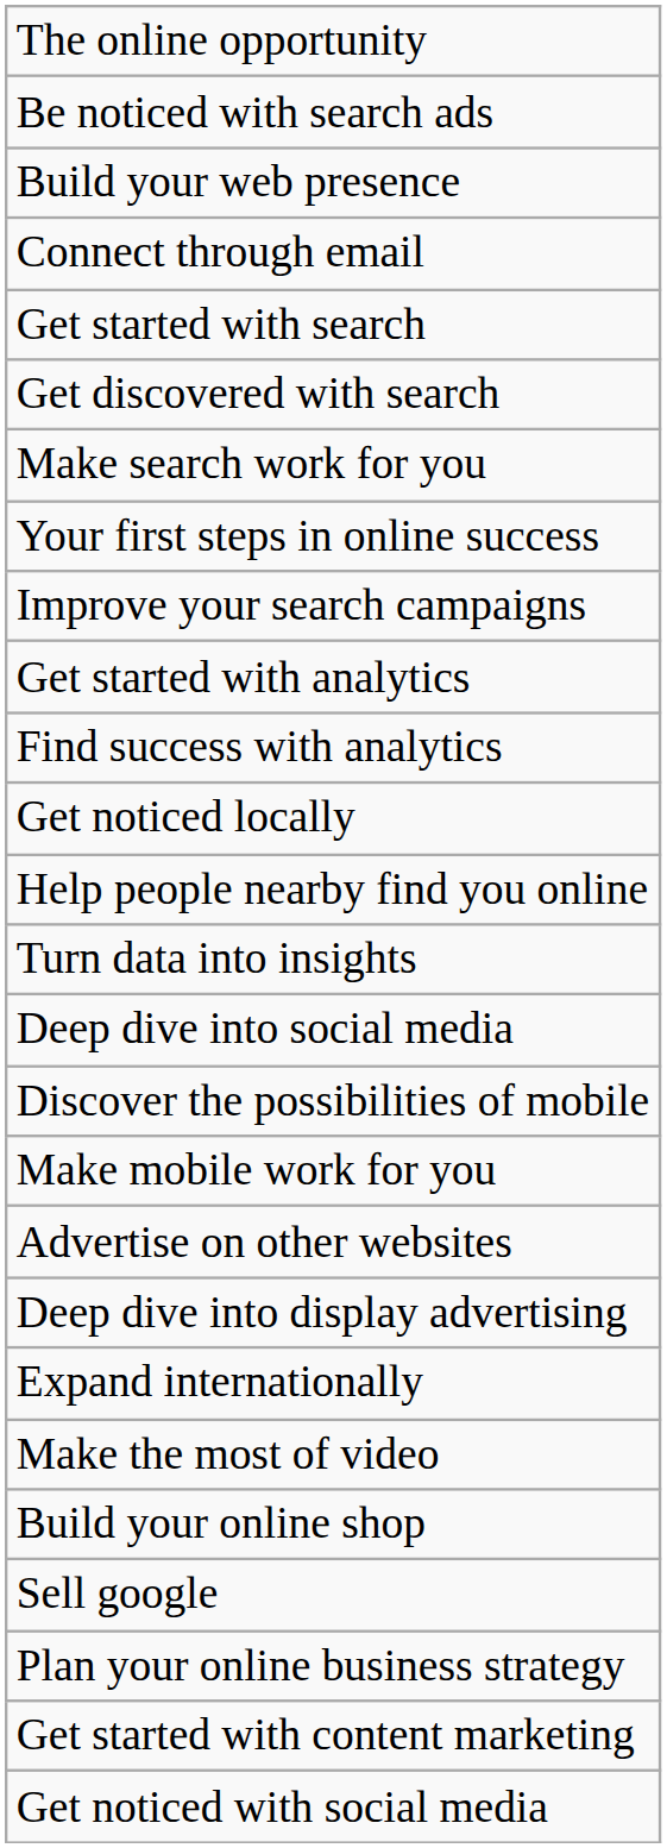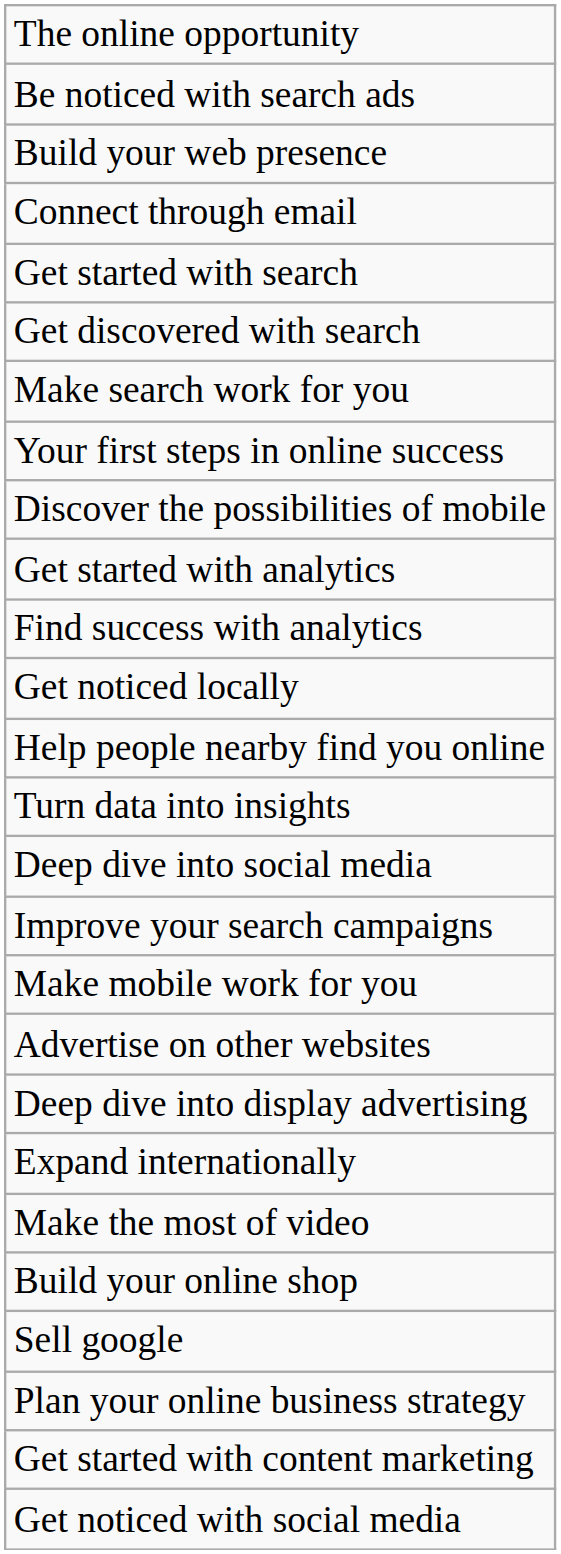 <table class="wikitable">
 <tr>
 <td>The online opportunity</td>
 </tr>
 <tr>
 <td>Be noticed with search ads</td>
 </tr>
 <tr>
 <td>Build your web presence</td>
 </tr>
 <tr>
 <td>Connect through email</td>
 </tr>
 <tr>
 <td>Get started with search</td>
 </tr>
 <tr>
 <td>Get discovered with search</td>
 </tr>
 <tr>
 <td>Make search work for you</td>
 </tr>
 <tr>
 <td>Your first steps in online success</td>
 </tr>
 <tr>
-<td>Improve your search campaigns</td>
+<td>Discover the possibilities of mobile</td>
 </tr>
 <tr>
 <td>Get started with analytics</td>
 </tr>
 <tr>
 <td>Find success with analytics</td>
 </tr>
 <tr>
 <td>Get noticed locally</td>
 </tr>
 <tr>
 <td>Help people nearby find you online</td>
 </tr>
 <tr>
 <td>Turn data into insights</td>
 </tr>
 <tr>
 <td>Deep dive into social media</td>
 </tr>
 <tr>
-<td>Discover the possibilities of mobile</td>
+<td>Improve your search campaigns</td>
 </tr>
 <tr>
 <td>Make mobile work for you</td>
 </tr>
 <tr>
 <td>Advertise on other websites</td>
 </tr>
 <tr>
 <td>Deep dive into display advertising</td>
 </tr>
 <tr>
 <td>Expand internationally</td>
 </tr>
 <tr>
 <td>Make the most of video</td>
 </tr>
 <tr>
 <td>Build your online shop</td>
 </tr>
 <tr>
 <td>Sell google</td>
 </tr>
 <tr>
 <td>Plan your online business strategy</td>
 </tr>
 <tr>
 <td>Get started with content marketing</td>
 </tr>
 <tr>
 <td>Get noticed with social media</td>
 </tr>
 </table>
